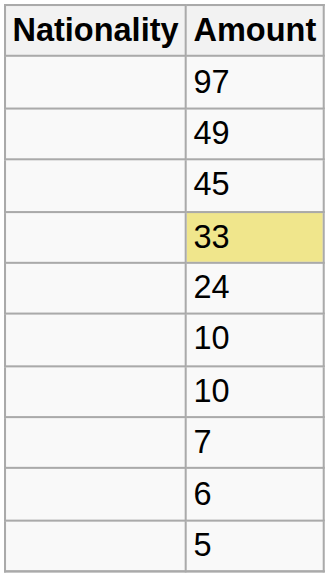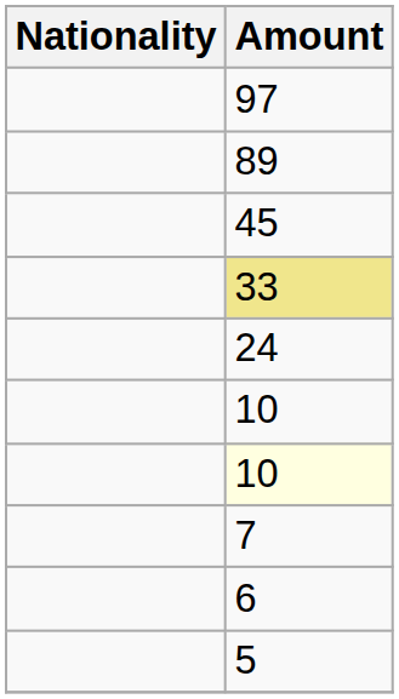 <table class="wikitable floatright">
 <tr>
 <th>Nationality</th>
 <th>Amount</th>
 </tr>
 <tr>
 <td></td>
 <td>97</td>
 </tr>
 <tr>
 <td></td>
-<td>49</td>
+<td>89</td>
 </tr>
 <tr>
 <td></td>
 <td>45</td>
 </tr>
 <tr>
 <td></td>
 <td style="background: khaki;">33</td>
 </tr>
 <tr>
 <td></td>
 <td>24</td>
 </tr>
 <tr>
 <td></td>
 <td>10</td>
 </tr>
 <tr>
 <td></td>
-<td>10</td>
+<td style="background: lightyellow;">10</td>
 </tr>
 <tr>
 <td></td>
 <td>7</td>
 </tr>
 <tr>
 <td></td>
 <td>6</td>
 </tr>
 <tr>
 <td></td>
 <td>5</td>
 </tr>
 <tr>
 </tr>
 </table>
